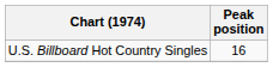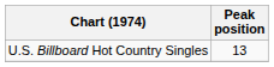 <table class="wikitable sortable">
 <tr>
 <th align="left">Chart (1974)</th>
 <th align="center">Peak<br>position</th>
 </tr>
 <tr>
 <td align="left">U.S. <em>Billboard</em> Hot Country Singles</td>
-<td align="center">16</td>
+<td align="center">13</td>
 </tr>
 <tr>
 </tr>
 </table>
